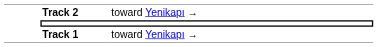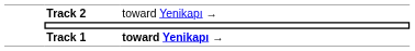 <table table border=0 cellspacing=0 cellpadding=3>
 <tr>
 <td style="border-top:solid 1px gray;border-bottom:solid 1px gray;" width=50 rowspan=3 valign=top></td>
 <td style="border-top:solid 1px gray;" width=100><strong>Track 2</strong></td>
 <td style="border-top:solid 1px gray;" width=400> toward <a href='#'>Yenikapı</a> →</td>
 </tr>
 <tr>
 <td style="border-top:solid 2px black;border-right:solid 2px black;border-left:solid 2px black;border-bottom:solid 2px black;text-align:center;" colspan=2></td>
 </tr>
 <tr>
 <td style="border-bottom:solid 1px gray;"><strong>Track 1</strong></td>
-<td style="border-bottom:solid 1px gray;"> toward <a href='#'>Yenikapı</a> →</td>
+<td style="border-bottom:solid 1px gray;"><strong> toward <a href='#'>Yenikapı</a> →</strong></td>
 </tr>
 </table>
